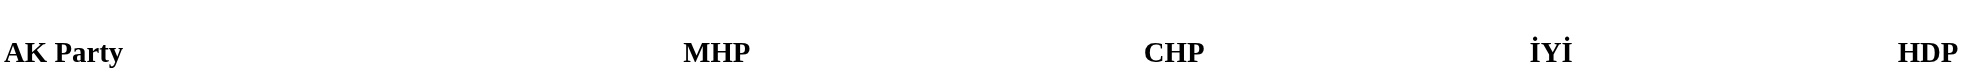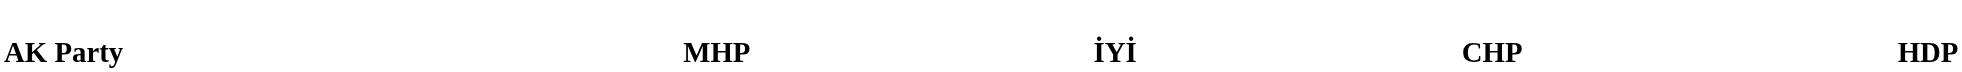 <table style="width:70%; text-align:center;">
 <tr style="color:white;">
 <td style="background:"><strong>295</strong></td>
 <td style="background:"><strong>49</strong></td>
+<td style="background:"><strong>43</strong></td>
 <td style="background:"><strong>146</strong></td>
-<td style="background:"><strong>43</strong></td>
 <td style="background:"><strong>67</strong></td>
 </tr>
 <tr>
 <td><span><strong>AK Party</strong></span></td>
 <td><span><strong>MHP</strong></span></td>
+<td><span><strong>İYİ</strong></span></td>
 <td><span><strong>CHP</strong></span></td>
-<td><span><strong>İYİ</strong></span></td>
 <td><span><strong>HDP</strong></span></td>
 </tr>
 </table>
